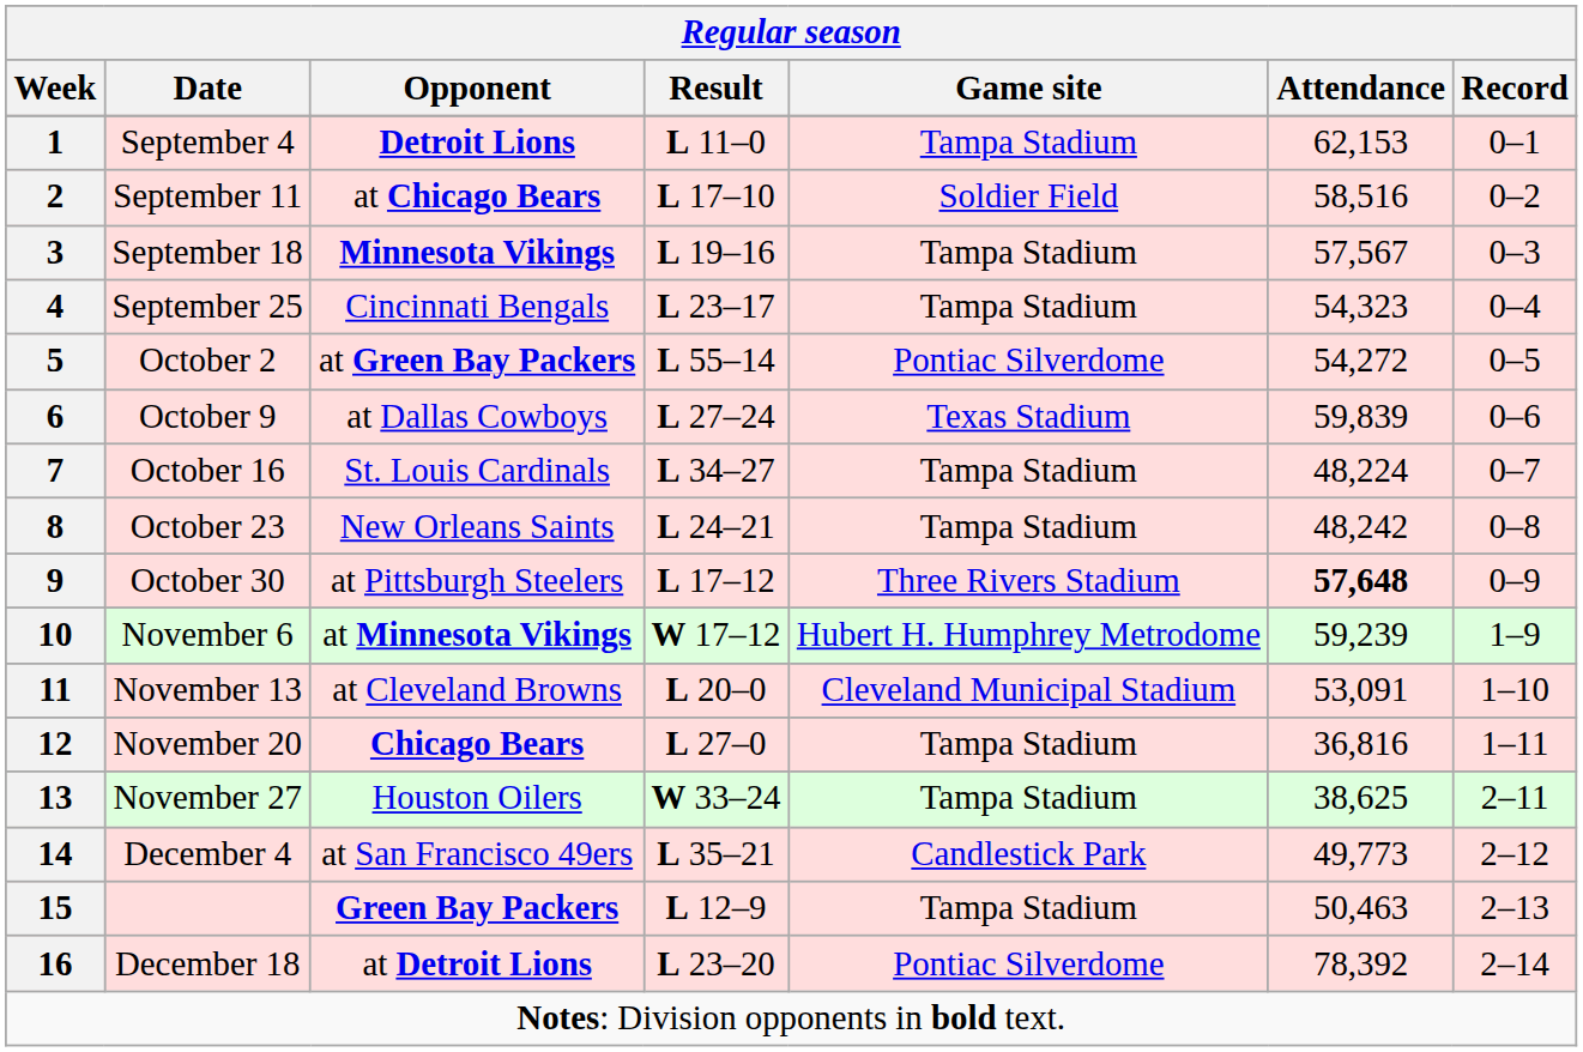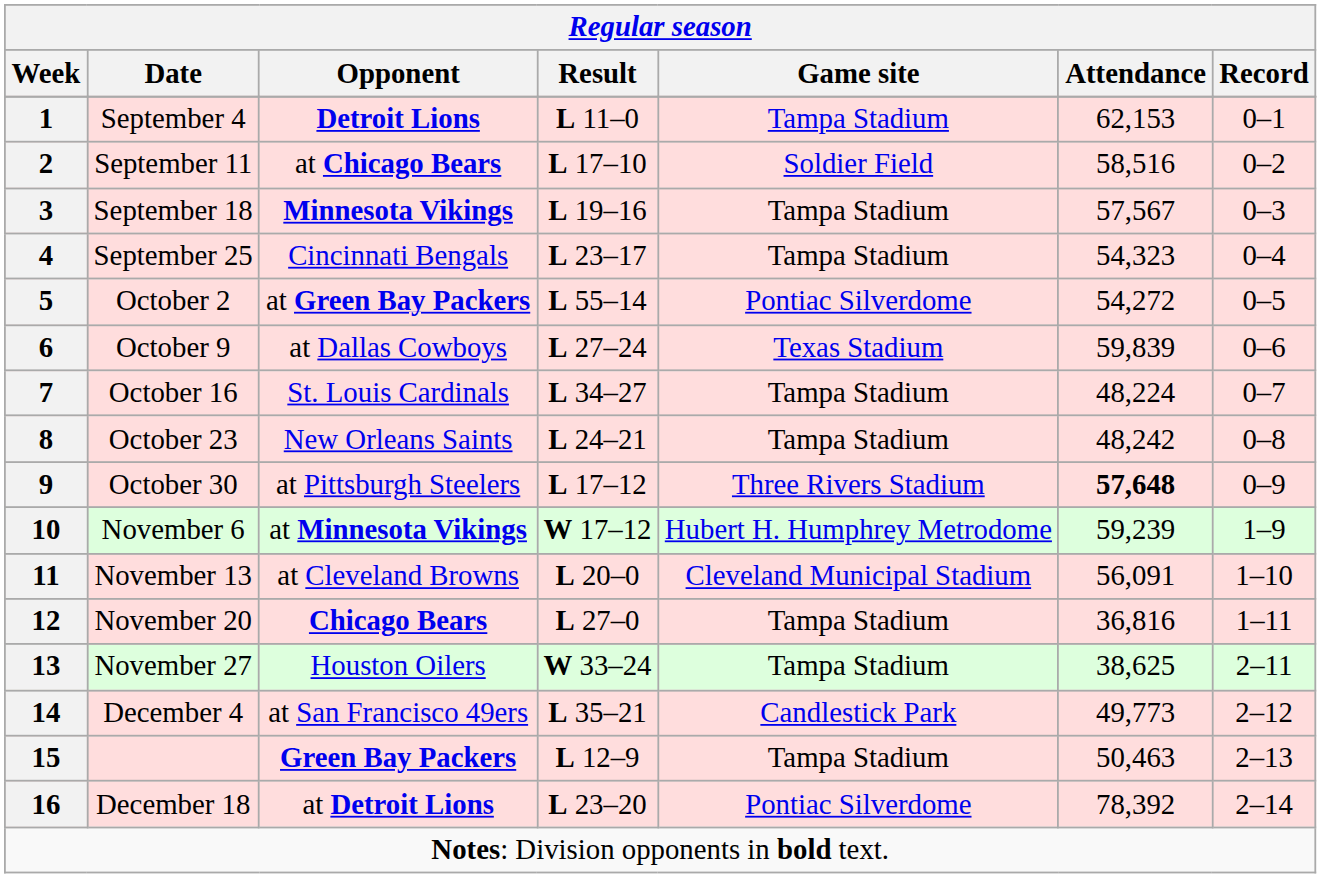 <table class="wikitable" style="text-align:center;">
 <tr>
 <th colspan="7"><em><a href='#'>Regular season</a></em></th>
 </tr>
 <tr>
 <th>Week</th>
 <th>Date</th>
 <th>Opponent</th>
 <th>Result</th>
 <th>Game site</th>
 <th>Attendance</th>
 <th>Record</th>
 </tr>
 <tr style="background: #ccffcc;" align="center">
 </tr>
 <tr style="background: #ffdddd;">
 <th>1</th>
 <td>September 4</td>
 <td><strong><a href='#'>Detroit Lions</a></strong></td>
 <td><strong>L</strong> 11–0</td>
 <td><a href='#'>Tampa Stadium</a></td>
 <td>62,153</td>
 <td>0–1</td>
 </tr>
 <tr style="background: #ffdddd;">
 <th>2</th>
 <td>September 11</td>
 <td>at <strong><a href='#'>Chicago Bears</a></strong></td>
 <td><strong>L</strong> 17–10</td>
 <td><a href='#'>Soldier Field</a></td>
 <td>58,516</td>
 <td>0–2</td>
 </tr>
 <tr style="background: #ffdddd;">
 <th>3</th>
 <td>September 18</td>
 <td><strong><a href='#'>Minnesota Vikings</a></strong></td>
 <td><strong>L</strong> 19–16 </td>
 <td>Tampa Stadium</td>
 <td>57,567</td>
 <td>0–3</td>
 </tr>
 <tr style="background: #ffdddd;">
 <th>4</th>
 <td>September 25</td>
 <td><a href='#'>Cincinnati Bengals</a></td>
 <td><strong>L</strong> 23–17</td>
 <td>Tampa Stadium</td>
 <td>54,323</td>
 <td>0–4</td>
 </tr>
 <tr style="background: #ffdddd;">
 <th>5</th>
 <td>October 2</td>
 <td>at <strong><a href='#'>Green Bay Packers</a></strong></td>
 <td><strong>L</strong> 55–14</td>
 <td><a href='#'>Pontiac Silverdome</a></td>
 <td>54,272</td>
 <td>0–5</td>
 </tr>
 <tr style="background: #ffdddd;">
 <th>6</th>
 <td>October 9</td>
 <td>at <a href='#'>Dallas Cowboys</a></td>
 <td><strong>L</strong> 27–24 </td>
 <td><a href='#'>Texas Stadium</a></td>
 <td>59,839</td>
 <td>0–6</td>
 </tr>
 <tr style="background: #ffdddd;">
 <th>7</th>
 <td>October 16</td>
 <td><a href='#'>St. Louis Cardinals</a></td>
 <td><strong>L</strong> 34–27</td>
 <td>Tampa Stadium</td>
 <td>48,224</td>
 <td>0–7</td>
 </tr>
 <tr style="background: #ffdddd;">
 <th>8</th>
 <td>October 23</td>
 <td><a href='#'>New Orleans Saints</a></td>
 <td><strong>L</strong> 24–21</td>
 <td>Tampa Stadium</td>
 <td>48,242</td>
 <td>0–8</td>
 </tr>
 <tr style="background: #ffdddd;">
 <th>9</th>
 <td>October 30</td>
 <td>at <a href='#'>Pittsburgh Steelers</a></td>
 <td><strong>L</strong> 17–12</td>
 <td><a href='#'>Three Rivers Stadium</a></td>
 <td><strong>57,648</strong></td>
 <td>0–9</td>
 </tr>
 <tr style="background: #ddffdd;">
 <th>10</th>
 <td>November 6</td>
 <td>at <strong><a href='#'>Minnesota Vikings</a></strong></td>
 <td><strong>W</strong> 17–12</td>
 <td><a href='#'>Hubert H. Humphrey Metrodome</a></td>
 <td>59,239</td>
 <td>1–9</td>
 </tr>
 <tr style="background: #ffdddd;">
 <th>11</th>
 <td>November 13</td>
 <td>at <a href='#'>Cleveland Browns</a></td>
 <td><strong>L</strong> 20–0</td>
 <td><a href='#'>Cleveland Municipal Stadium</a></td>
-<td>53,091</td>
+<td>56,091</td>
 <td>1–10</td>
 </tr>
 <tr style="background: #ffdddd;">
 <th>12</th>
 <td>November 20</td>
 <td><strong><a href='#'>Chicago Bears</a></strong></td>
 <td><strong>L</strong> 27–0</td>
 <td>Tampa Stadium</td>
 <td>36,816</td>
 <td>1–11</td>
 </tr>
 <tr style="background: #ddffdd;">
 <th>13</th>
 <td>November 27</td>
 <td><a href='#'>Houston Oilers</a></td>
 <td><strong>W</strong> 33–24</td>
 <td>Tampa Stadium</td>
 <td>38,625</td>
 <td>2–11</td>
 </tr>
 <tr style="background: #ffdddd;">
 <th>14</th>
 <td>December 4</td>
 <td>at <a href='#'>San Francisco 49ers</a></td>
 <td><strong>L</strong> 35–21</td>
 <td><a href='#'>Candlestick Park</a></td>
 <td>49,773</td>
 <td>2–12</td>
 </tr>
 <tr style="background: #ffdddd;">
 <th>15</th>
 <td></td>
 <td><strong><a href='#'>Green Bay Packers</a></strong></td>
 <td><strong>L</strong> 12–9 </td>
 <td>Tampa Stadium</td>
 <td>50,463</td>
 <td>2–13</td>
 </tr>
 <tr style="background: #ffdddd;">
 <th>16</th>
 <td>December 18</td>
 <td>at <strong><a href='#'>Detroit Lions</a> </strong></td>
 <td><strong>L</strong> 23–20</td>
 <td><a href='#'>Pontiac Silverdome</a></td>
 <td>78,392</td>
 <td>2–14</td>
 </tr>
 <tr>
 <td colspan="7"><strong>Notes</strong>: Division opponents in <strong>bold</strong> text.</td>
 </tr>
 </table>
